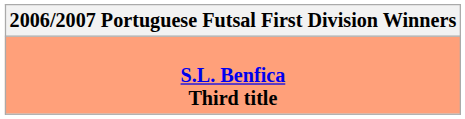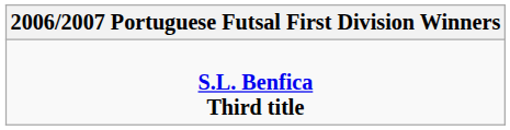 <table class="wikitable" style="text-align: center; margin: 0 auto">
 <tr>
 <th>2006/2007 Portuguese Futsal First Division Winners</th>
 </tr>
 <tr>
-<td align=center style="background: lightsalmon;"><br><strong><a href='#'>S.L. Benfica</a></strong><br><strong>Third title</strong></td>
+<td align=center><br><strong><a href='#'>S.L. Benfica</a></strong><br><strong>Third title</strong></td>
 </tr>
 </table>
